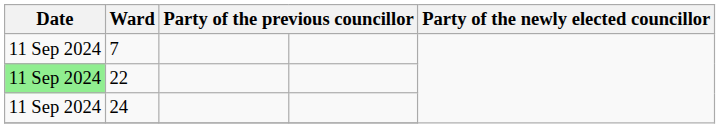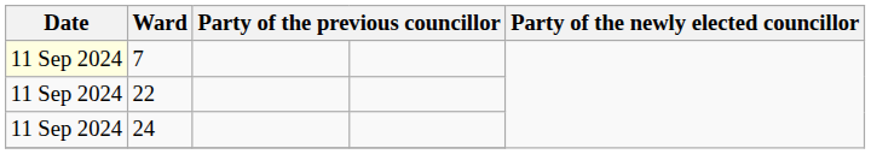 <table class="wikitable">
 <tr>
 <th>Date</th>
 <th>Ward</th>
 <th colspan=2>Party of the previous councillor</th>
 <th colspan=2>Party of the newly elected councillor</th>
 </tr>
 <tr>
-<td>11 Sep 2024</td>
+<td style="background: lightyellow;">11 Sep 2024</td>
 <td>7</td>
 <td></td>
 <td></td>
 </tr>
 <tr>
-<td style="background: lightgreen;">11 Sep 2024</td>
+<td>11 Sep 2024</td>
 <td>22</td>
 <td></td>
 <td></td>
 </tr>
 <tr>
 <td>11 Sep 2024</td>
 <td>24</td>
 <td></td>
 <td></td>
 </tr>
 <tr>
 </tr>
 </table>
